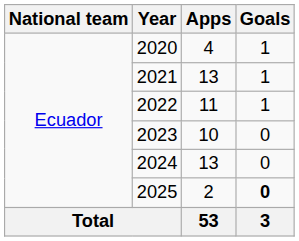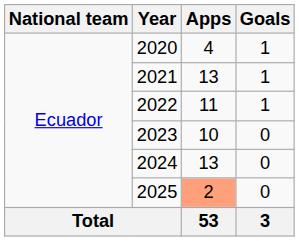 <table class="wikitable" style="text-align:center">
 <tr>
 <th>National team</th>
 <th>Year</th>
 <th>Apps</th>
 <th>Goals</th>
 </tr>
 <tr>
 <td rowspan=6><a href='#'>Ecuador</a></td>
 <td>2020</td>
 <td>4</td>
 <td>1</td>
 </tr>
 <tr>
 <td>2021</td>
 <td>13</td>
 <td>1</td>
 </tr>
 <tr>
 <td>2022</td>
 <td>11</td>
 <td>1</td>
 </tr>
 <tr>
 <td>2023</td>
 <td>10</td>
 <td>0</td>
 </tr>
 <tr>
 <td>2024</td>
 <td>13</td>
 <td>0</td>
 </tr>
 <tr>
 <td>2025</td>
-<td>2</td>
-<td><strong>0</strong></td>
+<td style="background: lightsalmon;">2</td>
+<td>0</td>
 </tr>
 <tr>
 <th colspan=2>Total</th>
 <th>53</th>
 <th>3</th>
 </tr>
 </table>
